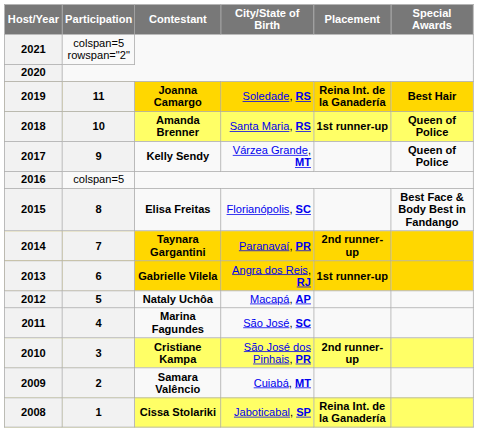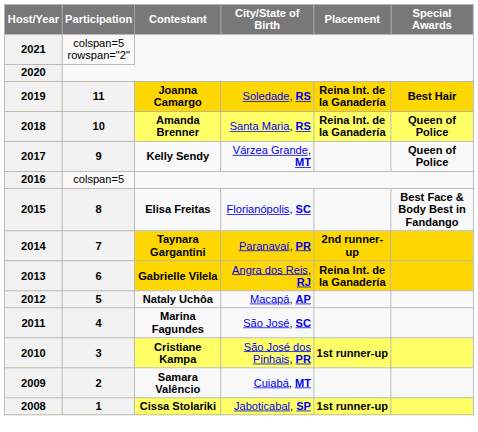 <table class="wikitable sortable" style="font-size: 90%; text-align:center">
 <tr>
 <th width="80" style="background-color:#787878;color:#FFFFFF;">Host/Year</th>
 <th width="80" style="background-color:#787878;color:#FFFFFF;">Participation</th>
 <th width="250" style="background-color:#787878;color:#FFFFFF;">Contestant</th>
 <th width="250" style="background-color:#787878;color:#FFFFFF;">City/State of Birth</th>
 <th width="200" style="background-color:#787878;color:#FFFFFF;">Placement</th>
 <th width="250" style="background-color:#787878;color:#FFFFFF;">Special Awards</th>
 </tr>
 <tr>
 <th>2021</th>
 <td>colspan=5 rowspan="2" </td>
 </tr>
 <tr>
 <th>2020</th>
 </tr>
 <tr bgcolor="gold">
 <th>2019</th>
 <th>11</th>
 <td><strong>Joanna Camargo</strong></td>
 <td align="right"><a href='#'>Soledade</a>, <strong><a href='#'>RS</a></strong></td>
 <td><strong>Reina Int. de la Ganadería</strong></td>
 <td><strong>Best Hair</strong></td>
 </tr>
 <tr bgcolor="FFFF66">
 <th>2018</th>
 <th>10</th>
 <td><strong>Amanda Brenner</strong></td>
 <td align="right"><a href='#'>Santa Maria</a>, <strong><a href='#'>RS</a></strong></td>
-<td><strong>1st runner-up</strong></td>
+<td><strong>Reina Int. de la Ganadería</strong></td>
 <td><strong>Queen of Police</strong></td>
 </tr>
 <tr>
 <th>2017</th>
 <th>9</th>
 <td><strong>Kelly Sendy</strong></td>
 <td align="right"><a href='#'>Várzea Grande</a>, <strong><a href='#'>MT</a></strong></td>
 <td></td>
 <td><strong>Queen of Police</strong></td>
 </tr>
 <tr>
 <th>2016</th>
 <td>colspan=5 </td>
 </tr>
 <tr>
 <th>2015</th>
 <th>8</th>
 <td><strong>Elisa Freitas</strong></td>
 <td align="right"><a href='#'>Florianópolis</a>, <strong><a href='#'>SC</a></strong></td>
 <td></td>
 <td><strong>Best Face & Body</strong>  <strong>Best in Fandango</strong></td>
 </tr>
 <tr bgcolor="gold">
 <th>2014</th>
 <th>7</th>
 <td><strong>Taynara Gargantini</strong></td>
 <td align="right"><a href='#'>Paranavaí</a>, <strong><a href='#'>PR</a></strong></td>
 <td><strong>2nd runner-up</strong></td>
 <td></td>
 </tr>
 <tr bgcolor="gold">
 <th>2013</th>
 <th>6</th>
 <td><strong>Gabrielle Vilela</strong></td>
 <td align="right"><a href='#'>Angra dos Reis</a>, <strong><a href='#'>RJ</a></strong></td>
-<td><strong>1st runner-up</strong></td>
+<td><strong>Reina Int. de la Ganadería</strong></td>
 <td></td>
 </tr>
 <tr>
 <th>2012</th>
 <th>5</th>
 <td><strong>Nataly Uchôa</strong></td>
 <td align="right"><a href='#'>Macapá</a>, <strong><a href='#'>AP</a></strong></td>
 <td></td>
 <td></td>
 </tr>
 <tr>
 <th>2011</th>
 <th>4</th>
 <td><strong>Marina Fagundes</strong></td>
 <td align="right"><a href='#'>São José</a>, <strong><a href='#'>SC</a></strong></td>
 <td></td>
 <td></td>
 </tr>
 <tr bgcolor="FFFF66">
 <th>2010</th>
 <th>3</th>
 <td><strong>Cristiane Kampa</strong></td>
 <td align="right"><a href='#'>São José dos Pinhais</a>, <strong><a href='#'>PR</a></strong></td>
-<td><strong>2nd runner-up</strong></td>
+<td><strong>1st runner-up</strong></td>
 <td></td>
 </tr>
 <tr>
 <th>2009</th>
 <th>2</th>
 <td><strong>Samara Valêncio</strong></td>
 <td align="right"><a href='#'>Cuiabá</a>, <strong><a href='#'>MT</a></strong></td>
 <td></td>
 <td></td>
 </tr>
 <tr bgcolor="FFFF66">
 <th>2008</th>
 <th>1</th>
 <td><strong>Cissa Stolariki</strong></td>
 <td align="right"><a href='#'>Jaboticabal</a>, <strong><a href='#'>SP</a></strong></td>
-<td><strong>Reina Int. de la Ganadería</strong></td>
+<td><strong>1st runner-up</strong></td>
 <td></td>
 </tr>
 </table>
